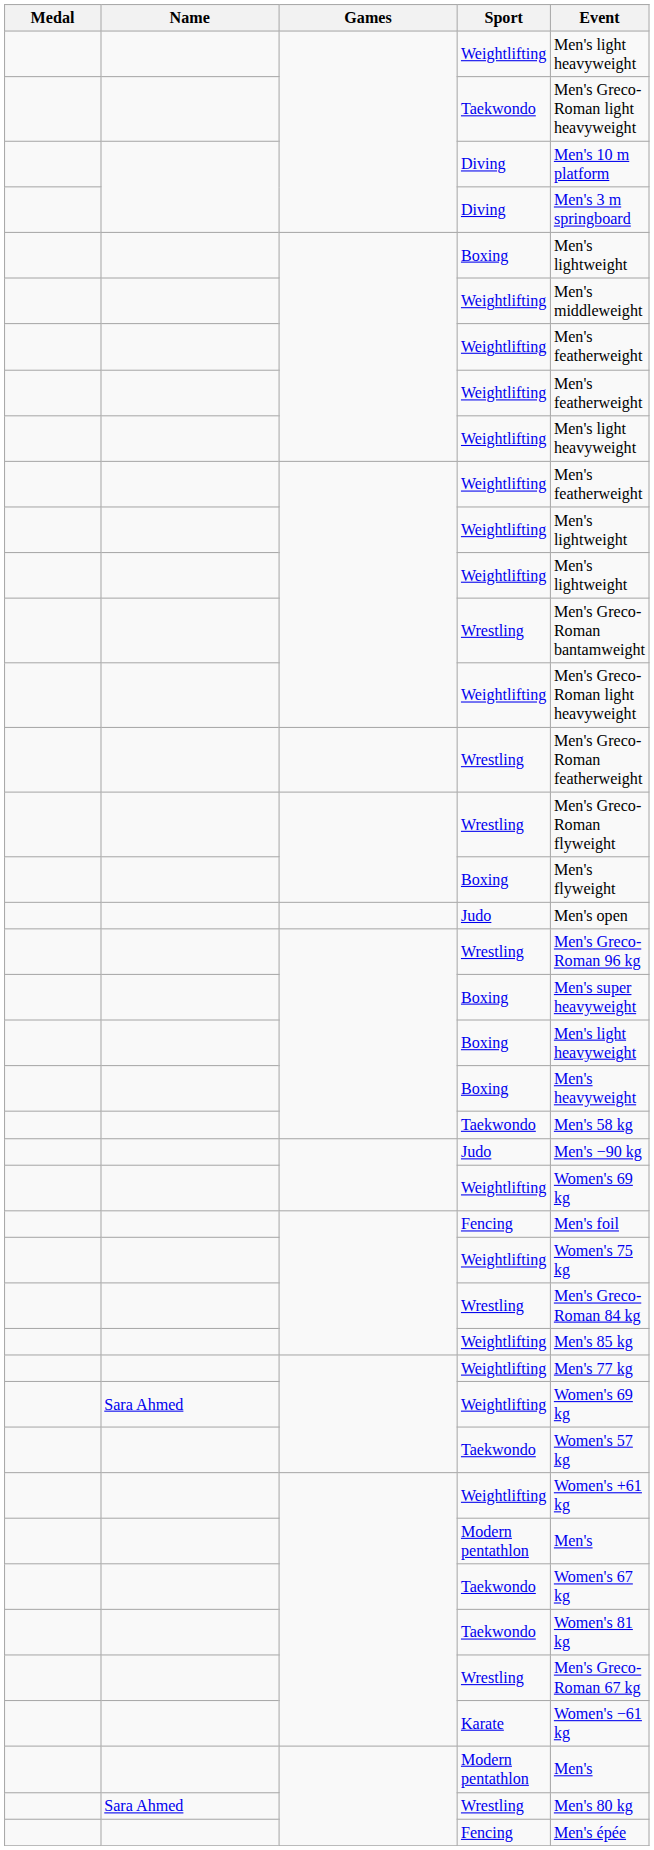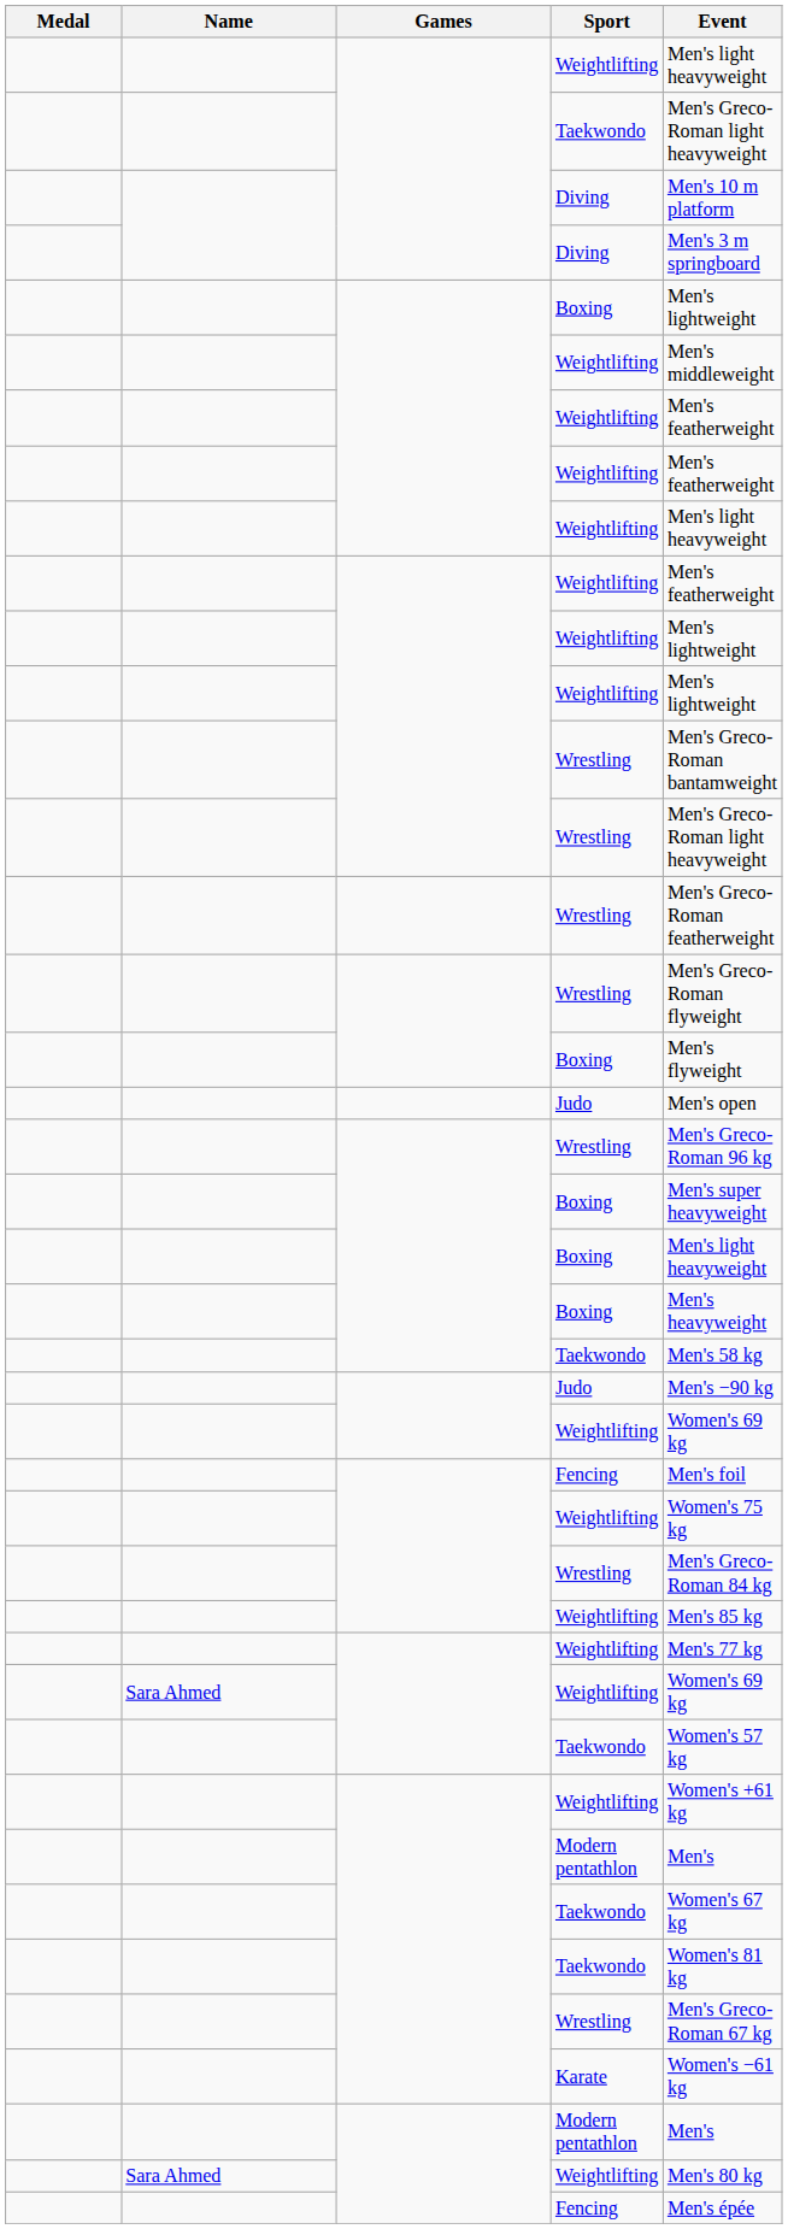 <table class="wikitable sortable" style="font-size: 95%;">
 <tr>
 <th style="width:6em">Medal</th>
 <th style="width:12em">Name</th>
 <th style="width:12em">Games</th>
 <th>Sport</th>
 <th>Event</th>
 </tr>
 <tr>
 <td></td>
 <td></td>
 <td rowspan="4"></td>
 <td> <a href='#'>Weightlifting</a></td>
 <td>Men's light heavyweight</td>
 </tr>
 <tr>
 <td></td>
 <td></td>
 <td> <a href='#'>Taekwondo</a></td>
 <td>Men's Greco-Roman light heavyweight</td>
 </tr>
 <tr>
 <td></td>
 <td rowspan="2"></td>
 <td> <a href='#'>Diving</a></td>
 <td><a href='#'>Men's 10 m platform</a></td>
 </tr>
 <tr>
 <td></td>
 <td> <a href='#'>Diving</a></td>
 <td><a href='#'>Men's 3 m springboard</a></td>
 </tr>
 <tr>
 <td></td>
 <td></td>
 <td rowspan="5"></td>
 <td> <a href='#'>Boxing</a></td>
 <td>Men's lightweight</td>
 </tr>
 <tr>
 <td></td>
 <td></td>
 <td> <a href='#'>Weightlifting</a></td>
 <td>Men's middleweight</td>
 </tr>
 <tr>
 <td></td>
 <td></td>
 <td> <a href='#'>Weightlifting</a></td>
 <td>Men's featherweight</td>
 </tr>
 <tr>
 <td></td>
 <td></td>
 <td> <a href='#'>Weightlifting</a></td>
 <td>Men's featherweight</td>
 </tr>
 <tr>
 <td></td>
 <td></td>
 <td> <a href='#'>Weightlifting</a></td>
 <td>Men's light heavyweight</td>
 </tr>
 <tr>
 <td></td>
 <td></td>
 <td rowspan="5"></td>
 <td> <a href='#'>Weightlifting</a></td>
 <td>Men's featherweight</td>
 </tr>
 <tr>
 <td></td>
 <td></td>
 <td> <a href='#'>Weightlifting</a></td>
 <td>Men's lightweight</td>
 </tr>
 <tr>
 <td></td>
 <td></td>
 <td> <a href='#'>Weightlifting</a></td>
 <td>Men's lightweight</td>
 </tr>
 <tr>
 <td></td>
 <td></td>
 <td> <a href='#'>Wrestling</a></td>
 <td>Men's Greco-Roman bantamweight</td>
 </tr>
 <tr>
 <td></td>
 <td></td>
-<td> <a href='#'>Weightlifting</a></td>
+<td><a href='#'>Wrestling</a></td>
 <td>Men's Greco-Roman light heavyweight</td>
 </tr>
 <tr>
 <td></td>
 <td></td>
 <td></td>
 <td> <a href='#'>Wrestling</a></td>
 <td>Men's Greco-Roman featherweight</td>
 </tr>
 <tr>
 <td></td>
 <td></td>
 <td rowspan="2"></td>
 <td><a href='#'>Wrestling</a></td>
 <td>Men's Greco-Roman flyweight</td>
 </tr>
 <tr>
 <td></td>
 <td></td>
 <td> <a href='#'>Boxing</a></td>
 <td>Men's flyweight</td>
 </tr>
 <tr>
 <td></td>
 <td></td>
 <td></td>
 <td><a href='#'>Judo</a></td>
 <td>Men's open</td>
 </tr>
 <tr>
 <td></td>
 <td></td>
 <td rowspan="5"></td>
 <td><a href='#'>Wrestling</a></td>
 <td><a href='#'>Men's Greco-Roman 96 kg</a></td>
 </tr>
 <tr>
 <td></td>
 <td></td>
 <td><a href='#'>Boxing</a></td>
 <td><a href='#'>Men's super heavyweight</a></td>
 </tr>
 <tr>
 <td></td>
 <td></td>
 <td> <a href='#'>Boxing</a></td>
 <td><a href='#'>Men's light heavyweight</a></td>
 </tr>
 <tr>
 <td></td>
 <td></td>
 <td> <a href='#'>Boxing</a></td>
 <td><a href='#'>Men's heavyweight</a></td>
 </tr>
 <tr>
 <td></td>
 <td></td>
 <td> <a href='#'>Taekwondo</a></td>
 <td><a href='#'>Men's 58 kg</a></td>
 </tr>
 <tr>
 <td></td>
 <td></td>
 <td rowspan="2"></td>
 <td> <a href='#'>Judo</a></td>
 <td><a href='#'>Men's −90 kg</a></td>
 </tr>
 <tr>
 <td></td>
 <td></td>
 <td> <a href='#'>Weightlifting</a></td>
 <td><a href='#'>Women's 69 kg</a></td>
 </tr>
 <tr>
 <td></td>
 <td></td>
 <td rowspan="4"></td>
 <td> <a href='#'>Fencing</a></td>
 <td><a href='#'>Men's foil</a></td>
 </tr>
 <tr>
 <td></td>
 <td></td>
 <td> <a href='#'>Weightlifting</a></td>
 <td><a href='#'>Women's 75 kg</a></td>
 </tr>
 <tr>
 <td></td>
 <td></td>
 <td> <a href='#'>Wrestling</a></td>
 <td><a href='#'>Men's Greco-Roman 84 kg</a></td>
 </tr>
 <tr>
 <td></td>
 <td></td>
 <td> <a href='#'>Weightlifting</a></td>
 <td><a href='#'>Men's 85 kg</a></td>
 </tr>
 <tr>
 <td></td>
 <td></td>
 <td rowspan="3"></td>
 <td> <a href='#'>Weightlifting</a></td>
 <td><a href='#'>Men's 77 kg</a></td>
 </tr>
 <tr>
 <td></td>
 <td><a href='#'>Sara Ahmed</a></td>
 <td> <a href='#'>Weightlifting</a></td>
 <td><a href='#'>Women's 69 kg</a></td>
 </tr>
 <tr>
 <td></td>
 <td></td>
 <td> <a href='#'>Taekwondo</a></td>
 <td><a href='#'>Women's 57 kg</a></td>
 </tr>
 <tr>
 <td></td>
 <td></td>
 <td rowspan="6"></td>
 <td> <a href='#'>Weightlifting</a></td>
 <td><a href='#'>Women's +61 kg</a></td>
 </tr>
 <tr>
 <td></td>
 <td></td>
 <td> <a href='#'>Modern pentathlon</a></td>
 <td><a href='#'>Men's</a></td>
 </tr>
 <tr>
 <td></td>
 <td></td>
 <td> <a href='#'>Taekwondo</a></td>
 <td><a href='#'>Women's 67 kg</a></td>
 </tr>
 <tr>
 <td></td>
 <td></td>
 <td> <a href='#'>Taekwondo</a></td>
 <td><a href='#'>Women's 81 kg</a></td>
 </tr>
 <tr>
 <td></td>
 <td></td>
 <td> <a href='#'>Wrestling</a></td>
 <td><a href='#'>Men's Greco-Roman 67 kg</a></td>
 </tr>
 <tr>
 <td></td>
 <td></td>
 <td> <a href='#'>Karate</a></td>
 <td><a href='#'>Women's −61 kg</a></td>
 </tr>
 <tr>
 <td></td>
 <td></td>
 <td rowspan="3"></td>
 <td> <a href='#'>Modern pentathlon</a></td>
 <td><a href='#'>Men's</a></td>
 </tr>
 <tr>
 <td></td>
 <td><a href='#'>Sara Ahmed</a></td>
-<td><a href='#'>Wrestling</a></td>
+<td> <a href='#'>Weightlifting</a></td>
 <td><a href='#'>Men's 80 kg</a></td>
 </tr>
 <tr>
 <td></td>
 <td></td>
 <td> <a href='#'>Fencing</a></td>
 <td><a href='#'>Men's épée</a></td>
 </tr>
 </table>
